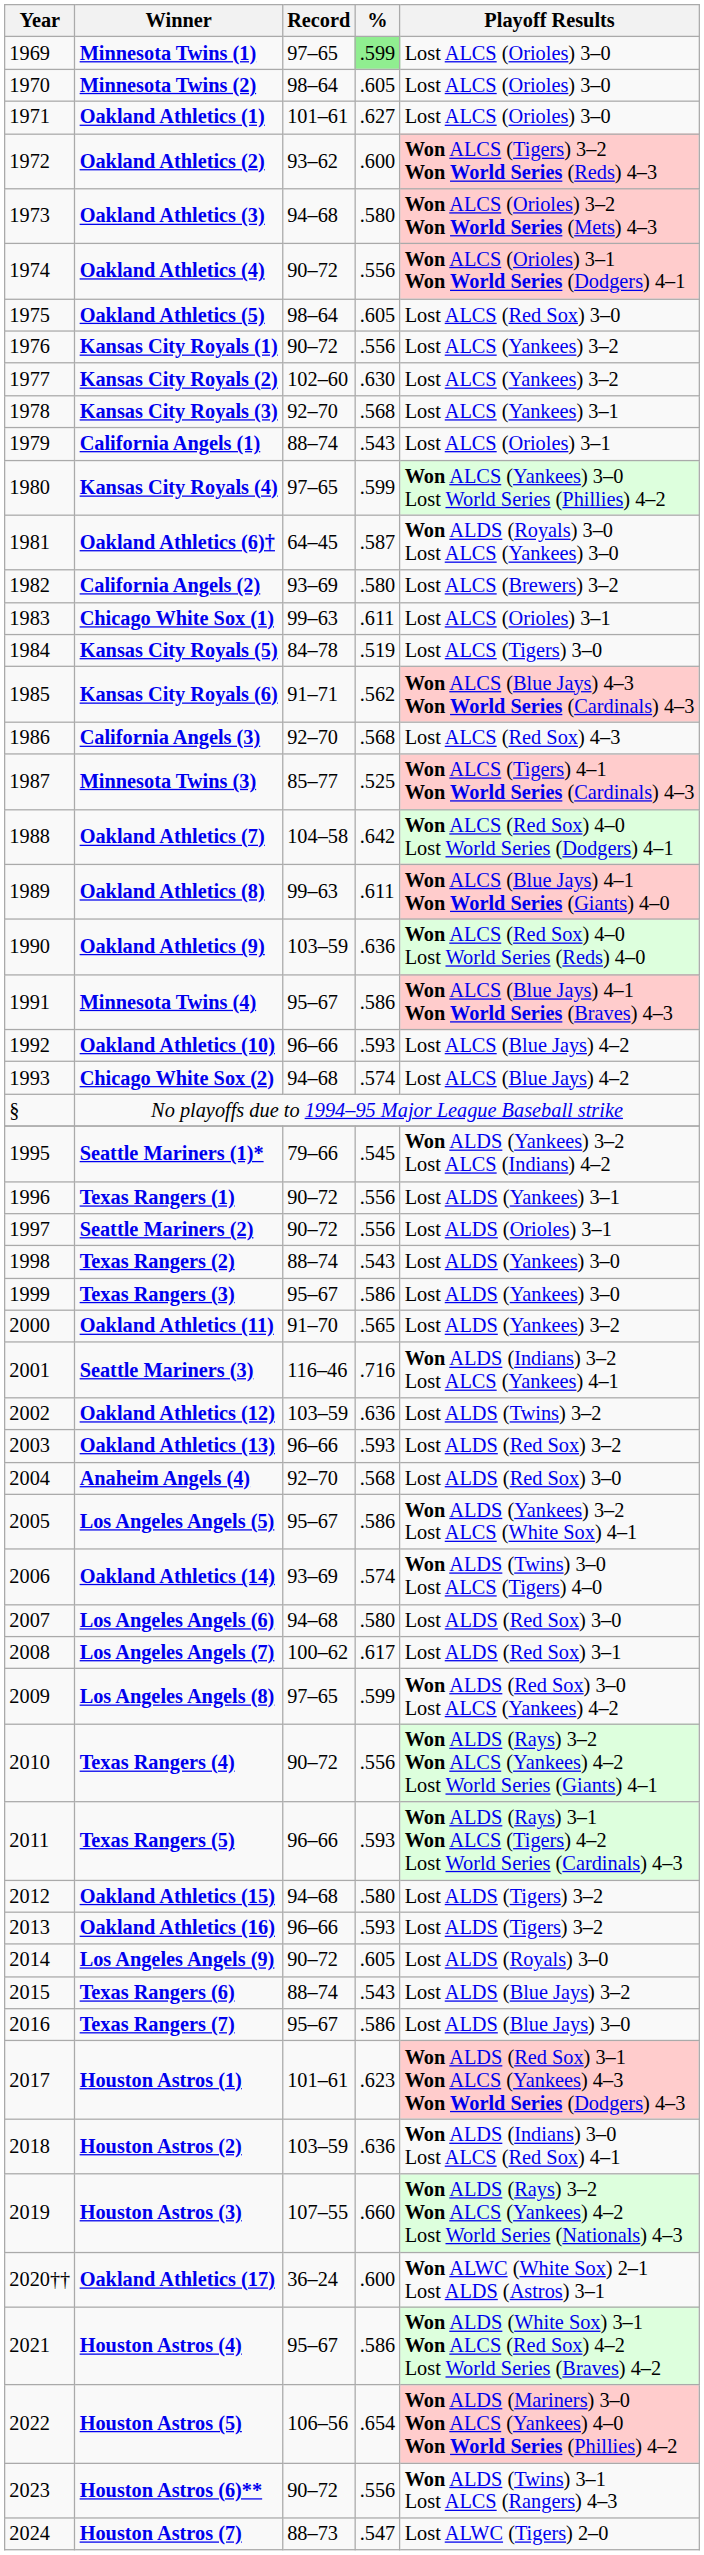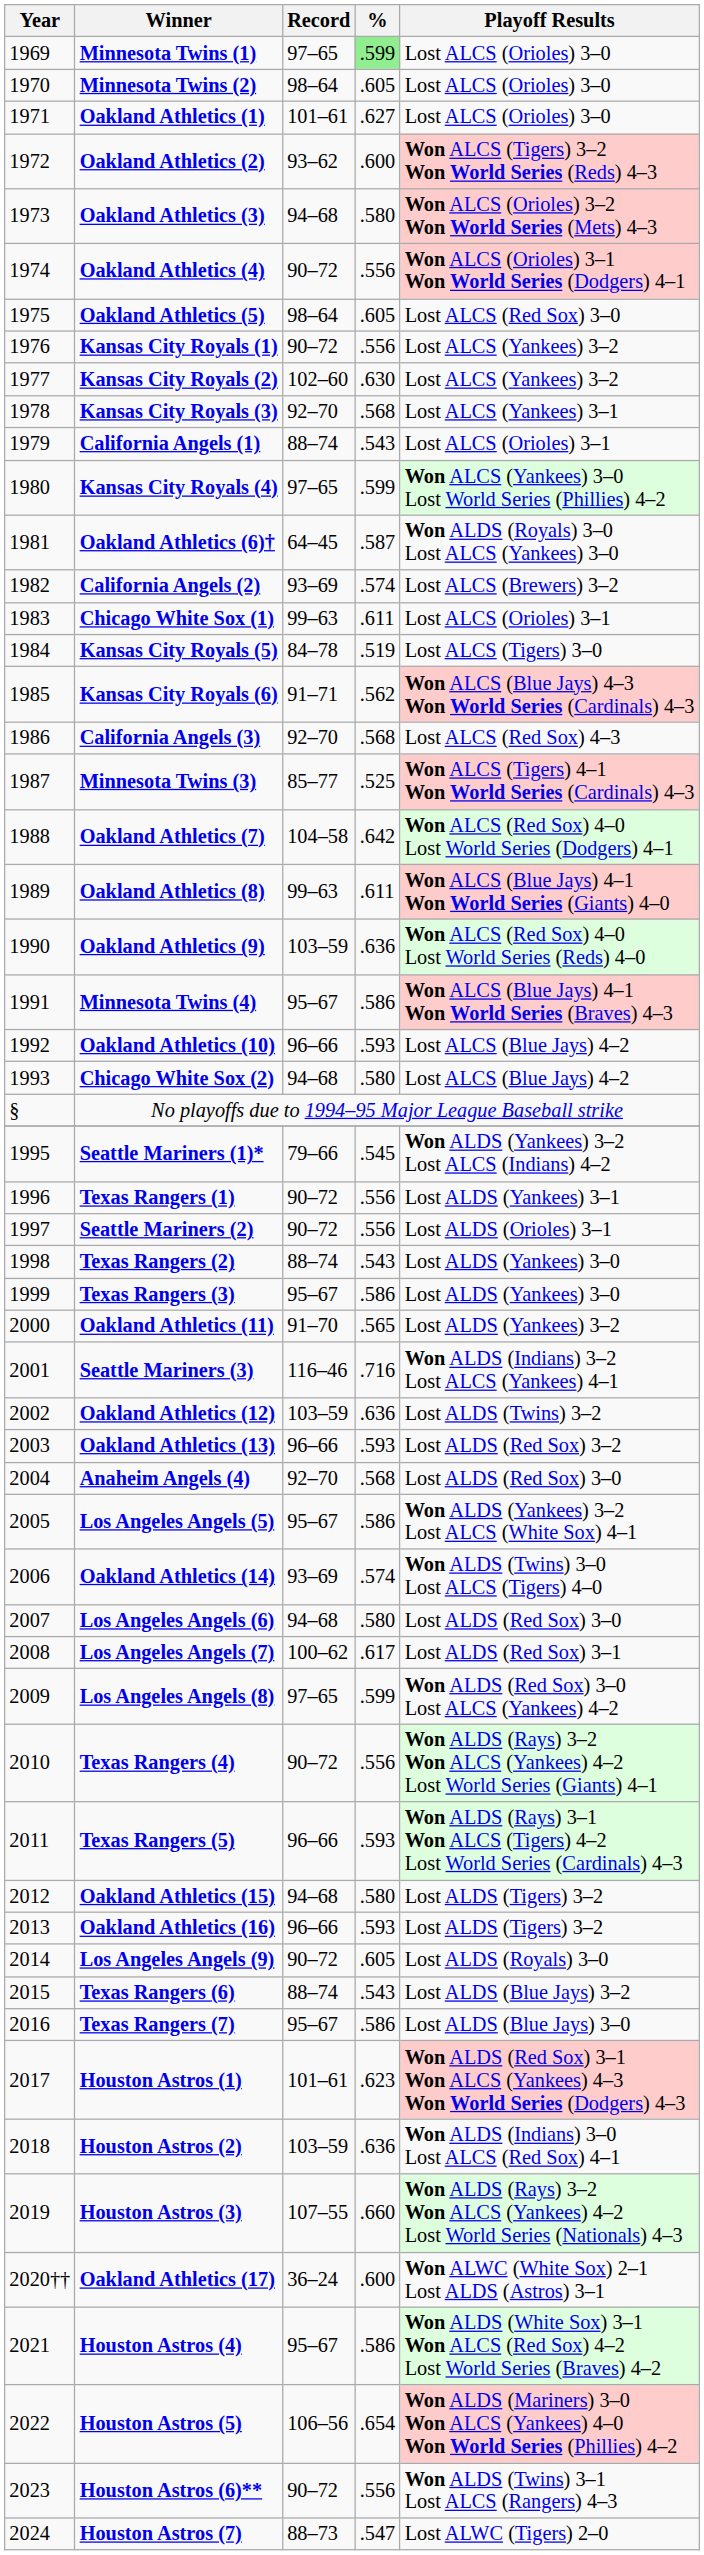 <table class="wikitable sortable">
 <tr>
 <th>Year</th>
 <th>Winner</th>
 <th>Record</th>
 <th>%</th>
 <th>Playoff Results</th>
 </tr>
 <tr>
 <td>1969</td>
 <td><strong><a href='#'><span>Minnesota Twins (1)</span></a></strong></td>
 <td>97–65</td>
 <td style="background: lightgreen;">.599</td>
 <td>Lost <a href='#'>ALCS</a> (<a href='#'>Orioles</a>) 3–0</td>
 </tr>
 <tr>
 <td>1970</td>
 <td><strong><a href='#'><span>Minnesota Twins (2)</span></a></strong></td>
 <td>98–64</td>
 <td>.605</td>
 <td>Lost <a href='#'>ALCS</a> (<a href='#'>Orioles</a>) 3–0</td>
 </tr>
 <tr>
 <td>1971</td>
 <td><strong><a href='#'><span>Oakland Athletics (1)</span></a></strong></td>
 <td>101–61</td>
 <td>.627</td>
 <td>Lost <a href='#'>ALCS</a> (<a href='#'>Orioles</a>) 3–0</td>
 </tr>
 <tr>
 <td>1972</td>
 <td><strong><a href='#'><span>Oakland Athletics (2)</span></a></strong></td>
 <td>93–62</td>
 <td>.600</td>
 <td bgcolor="#ffcccc"><strong>Won</strong> <a href='#'>ALCS</a> (<a href='#'>Tigers</a>) 3–2<br><strong>Won <a href='#'>World Series</a></strong> (<a href='#'>Reds</a>) 4–3</td>
 </tr>
 <tr>
 <td>1973</td>
 <td><strong><a href='#'><span>Oakland Athletics (3)</span></a></strong></td>
 <td>94–68</td>
 <td>.580</td>
 <td bgcolor="#ffcccc"><strong>Won</strong> <a href='#'>ALCS</a> (<a href='#'>Orioles</a>) 3–2<br><strong>Won <a href='#'>World Series</a></strong> (<a href='#'>Mets</a>) 4–3</td>
 </tr>
 <tr>
 <td>1974</td>
 <td><strong><a href='#'><span>Oakland Athletics (4)</span></a></strong></td>
 <td>90–72</td>
 <td>.556</td>
 <td bgcolor="#ffcccc"><strong>Won</strong> <a href='#'>ALCS</a> (<a href='#'>Orioles</a>) 3–1<br><strong>Won <a href='#'>World Series</a></strong> (<a href='#'>Dodgers</a>) 4–1</td>
 </tr>
 <tr>
 <td>1975</td>
 <td><strong><a href='#'><span>Oakland Athletics (5)</span></a></strong></td>
 <td>98–64</td>
 <td>.605</td>
 <td>Lost <a href='#'>ALCS</a> (<a href='#'>Red Sox</a>) 3–0</td>
 </tr>
 <tr>
 <td>1976</td>
 <td><strong><a href='#'><span>Kansas City Royals (1)</span></a></strong></td>
 <td>90–72</td>
 <td>.556</td>
 <td>Lost <a href='#'>ALCS</a> (<a href='#'>Yankees</a>) 3–2</td>
 </tr>
 <tr>
 <td>1977</td>
 <td><strong><a href='#'><span>Kansas City Royals (2)</span></a></strong></td>
 <td>102–60</td>
 <td>.630</td>
 <td>Lost <a href='#'>ALCS</a> (<a href='#'>Yankees</a>) 3–2</td>
 </tr>
 <tr>
 <td>1978</td>
 <td><strong><a href='#'><span>Kansas City Royals (3)</span></a></strong></td>
 <td>92–70</td>
 <td>.568</td>
 <td>Lost <a href='#'>ALCS</a> (<a href='#'>Yankees</a>) 3–1</td>
 </tr>
 <tr>
 <td>1979</td>
 <td><strong><a href='#'><span>California Angels (1)</span></a></strong></td>
 <td>88–74</td>
 <td>.543</td>
 <td>Lost <a href='#'>ALCS</a> (<a href='#'>Orioles</a>) 3–1</td>
 </tr>
 <tr>
 <td>1980</td>
 <td><strong><a href='#'><span>Kansas City Royals (4)</span></a></strong></td>
 <td>97–65</td>
 <td>.599</td>
 <td bgcolor="#ddffdd"><strong>Won</strong> <a href='#'>ALCS</a> (<a href='#'>Yankees</a>) 3–0<br>Lost <a href='#'>World Series</a> (<a href='#'>Phillies</a>) 4–2</td>
 </tr>
 <tr>
 <td>1981</td>
 <td><strong><a href='#'><span>Oakland Athletics (6)†</span></a></strong></td>
 <td>64–45</td>
 <td>.587</td>
 <td><strong>Won</strong> <a href='#'>ALDS</a> (<a href='#'>Royals</a>) 3–0<br>Lost <a href='#'>ALCS</a> (<a href='#'>Yankees</a>) 3–0</td>
 </tr>
 <tr>
 <td>1982</td>
 <td><strong><a href='#'><span>California Angels (2)</span></a></strong></td>
 <td>93–69</td>
-<td>.580</td>
+<td>.574</td>
 <td>Lost <a href='#'>ALCS</a> (<a href='#'>Brewers</a>) 3–2</td>
 </tr>
 <tr>
 <td>1983</td>
 <td><strong><a href='#'><span>Chicago White Sox (1)</span></a></strong></td>
 <td>99–63</td>
 <td>.611</td>
 <td>Lost <a href='#'>ALCS</a> (<a href='#'>Orioles</a>) 3–1</td>
 </tr>
 <tr>
 <td>1984</td>
 <td><strong><a href='#'><span>Kansas City Royals (5)</span></a></strong></td>
 <td>84–78</td>
 <td>.519</td>
 <td>Lost <a href='#'>ALCS</a> (<a href='#'>Tigers</a>) 3–0</td>
 </tr>
 <tr>
 <td>1985</td>
 <td><strong><a href='#'><span>Kansas City Royals (6)</span></a></strong></td>
 <td>91–71</td>
 <td>.562</td>
 <td bgcolor="#ffcccc"><strong>Won</strong> <a href='#'>ALCS</a> (<a href='#'>Blue Jays</a>) 4–3<br><strong>Won <a href='#'>World Series</a></strong> (<a href='#'>Cardinals</a>) 4–3</td>
 </tr>
 <tr>
 <td>1986</td>
 <td><strong><a href='#'><span>California Angels (3)</span></a></strong></td>
 <td>92–70</td>
 <td>.568</td>
 <td>Lost <a href='#'>ALCS</a> (<a href='#'>Red Sox</a>) 4–3</td>
 </tr>
 <tr>
 <td>1987</td>
 <td><strong><a href='#'><span>Minnesota Twins (3)</span></a></strong></td>
 <td>85–77</td>
 <td>.525</td>
 <td bgcolor="#ffcccc"><strong>Won</strong> <a href='#'>ALCS</a> (<a href='#'>Tigers</a>) 4–1<br><strong>Won <a href='#'>World Series</a></strong> (<a href='#'>Cardinals</a>) 4–3</td>
 </tr>
 <tr>
 <td>1988</td>
 <td><strong><a href='#'><span>Oakland Athletics (7)</span></a></strong></td>
 <td>104–58</td>
 <td>.642</td>
 <td bgcolor="#ddffdd"><strong>Won</strong> <a href='#'>ALCS</a> (<a href='#'>Red Sox</a>) 4–0<br>Lost <a href='#'>World Series</a> (<a href='#'>Dodgers</a>) 4–1</td>
 </tr>
 <tr>
 <td>1989</td>
 <td><strong><a href='#'><span>Oakland Athletics (8)</span></a></strong></td>
 <td>99–63</td>
 <td>.611</td>
 <td bgcolor="#ffcccc"><strong>Won</strong> <a href='#'>ALCS</a> (<a href='#'>Blue Jays</a>) 4–1<br><strong>Won <a href='#'>World Series</a></strong> (<a href='#'>Giants</a>) 4–0</td>
 </tr>
 <tr>
 <td>1990</td>
 <td><strong><a href='#'><span>Oakland Athletics (9)</span></a></strong></td>
 <td>103–59</td>
 <td>.636</td>
 <td bgcolor="#ddffdd"><strong>Won</strong> <a href='#'>ALCS</a> (<a href='#'>Red Sox</a>) 4–0<br>Lost <a href='#'>World Series</a> (<a href='#'>Reds</a>) 4–0</td>
 </tr>
 <tr>
 <td>1991</td>
 <td><strong><a href='#'><span>Minnesota Twins (4)</span></a></strong></td>
 <td>95–67</td>
 <td>.586</td>
 <td bgcolor="#ffcccc"><strong>Won</strong> <a href='#'>ALCS</a> (<a href='#'>Blue Jays</a>) 4–1<br><strong>Won <a href='#'>World Series</a></strong> (<a href='#'>Braves</a>) 4–3</td>
 </tr>
 <tr>
 <td>1992</td>
 <td><strong><a href='#'><span>Oakland Athletics (10)</span></a></strong></td>
 <td>96–66</td>
 <td>.593</td>
 <td>Lost <a href='#'>ALCS</a> (<a href='#'>Blue Jays</a>) 4–2</td>
 </tr>
 <tr>
 <td>1993</td>
 <td><strong><a href='#'><span>Chicago White Sox (2)</span></a></strong></td>
 <td>94–68</td>
-<td>.574</td>
+<td>.580</td>
 <td>Lost <a href='#'>ALCS</a> (<a href='#'>Blue Jays</a>) 4–2</td>
 </tr>
 <tr>
 <td>§</td>
 <td colspan="4" align="center"><em>No playoffs due to <a href='#'>1994–95 Major League Baseball strike</a></em></td>
 </tr>
 <tr>
 </tr>
 <tr>
 <td>1995</td>
 <td><strong><a href='#'><span>Seattle Mariners (1)*</span></a></strong></td>
 <td>79–66</td>
 <td>.545</td>
 <td><strong>Won</strong> <a href='#'>ALDS</a> (<a href='#'>Yankees</a>) 3–2<br>Lost <a href='#'>ALCS</a> (<a href='#'>Indians</a>) 4–2</td>
 </tr>
 <tr>
 <td>1996</td>
 <td><strong><a href='#'><span>Texas Rangers (1)</span></a></strong></td>
 <td>90–72</td>
 <td>.556</td>
 <td>Lost <a href='#'>ALDS</a> (<a href='#'>Yankees</a>) 3–1</td>
 </tr>
 <tr>
 <td>1997</td>
 <td><strong><a href='#'><span>Seattle Mariners (2)</span></a></strong></td>
 <td>90–72</td>
 <td>.556</td>
 <td>Lost <a href='#'>ALDS</a> (<a href='#'>Orioles</a>) 3–1</td>
 </tr>
 <tr>
 <td>1998</td>
 <td><strong><a href='#'><span>Texas Rangers (2)</span></a></strong></td>
 <td>88–74</td>
 <td>.543</td>
 <td>Lost <a href='#'>ALDS</a> (<a href='#'>Yankees</a>) 3–0</td>
 </tr>
 <tr>
 <td>1999</td>
 <td><strong><a href='#'><span>Texas Rangers (3)</span></a></strong></td>
 <td>95–67</td>
 <td>.586</td>
 <td>Lost <a href='#'>ALDS</a> (<a href='#'>Yankees</a>) 3–0</td>
 </tr>
 <tr>
 <td>2000</td>
 <td><strong><a href='#'><span>Oakland Athletics (11)</span></a></strong></td>
 <td>91–70</td>
 <td>.565</td>
 <td>Lost <a href='#'>ALDS</a> (<a href='#'>Yankees</a>) 3–2</td>
 </tr>
 <tr>
 <td>2001</td>
 <td><strong><a href='#'><span>Seattle Mariners (3)</span></a></strong></td>
 <td>116–46</td>
 <td>.716</td>
 <td><strong>Won</strong> <a href='#'>ALDS</a> (<a href='#'>Indians</a>) 3–2<br>Lost <a href='#'>ALCS</a> (<a href='#'>Yankees</a>) 4–1</td>
 </tr>
 <tr>
 <td>2002</td>
 <td><strong><a href='#'><span>Oakland Athletics (12)</span></a></strong></td>
 <td>103–59</td>
 <td>.636</td>
 <td>Lost <a href='#'>ALDS</a> (<a href='#'>Twins</a>) 3–2</td>
 </tr>
 <tr>
 <td>2003</td>
 <td><strong><a href='#'><span>Oakland Athletics (13)</span></a></strong></td>
 <td>96–66</td>
 <td>.593</td>
 <td>Lost <a href='#'>ALDS</a> (<a href='#'>Red Sox</a>) 3–2</td>
 </tr>
 <tr>
 <td>2004</td>
 <td><strong><a href='#'><span>Anaheim Angels (4)</span></a></strong></td>
 <td>92–70</td>
 <td>.568</td>
 <td>Lost <a href='#'>ALDS</a> (<a href='#'>Red Sox</a>) 3–0</td>
 </tr>
 <tr>
 <td>2005</td>
 <td><strong><a href='#'><span>Los Angeles Angels (5)</span></a></strong></td>
 <td>95–67</td>
 <td>.586</td>
 <td><strong>Won</strong> <a href='#'>ALDS</a> (<a href='#'>Yankees</a>) 3–2<br>Lost <a href='#'>ALCS</a> (<a href='#'>White Sox</a>) 4–1</td>
 </tr>
 <tr>
 <td>2006</td>
 <td><strong><a href='#'><span>Oakland Athletics (14)</span></a></strong></td>
 <td>93–69</td>
 <td>.574</td>
 <td><strong>Won</strong> <a href='#'>ALDS</a> (<a href='#'>Twins</a>) 3–0<br>Lost <a href='#'>ALCS</a> (<a href='#'>Tigers</a>) 4–0</td>
 </tr>
 <tr>
 <td>2007</td>
 <td><strong><a href='#'><span>Los Angeles Angels (6)</span></a></strong></td>
 <td>94–68</td>
 <td>.580</td>
 <td>Lost <a href='#'>ALDS</a> (<a href='#'>Red Sox</a>) 3–0</td>
 </tr>
 <tr>
 <td>2008</td>
 <td><strong><a href='#'><span>Los Angeles Angels (7)</span></a></strong></td>
 <td>100–62</td>
 <td>.617</td>
 <td>Lost <a href='#'>ALDS</a> (<a href='#'>Red Sox</a>) 3–1</td>
 </tr>
 <tr>
 <td>2009</td>
 <td><strong><a href='#'><span>Los Angeles Angels (8)</span></a></strong></td>
 <td>97–65</td>
 <td>.599</td>
 <td><strong>Won</strong> <a href='#'>ALDS</a> (<a href='#'>Red Sox</a>) 3–0<br>Lost <a href='#'>ALCS</a> (<a href='#'>Yankees</a>) 4–2</td>
 </tr>
 <tr>
 <td>2010</td>
 <td><strong><a href='#'><span>Texas Rangers (4)</span></a></strong></td>
 <td>90–72</td>
 <td>.556</td>
 <td bgcolor="#ddffdd"><strong>Won</strong> <a href='#'>ALDS</a> (<a href='#'>Rays</a>) 3–2<br><strong>Won</strong> <a href='#'>ALCS</a> (<a href='#'>Yankees</a>) 4–2<br>Lost <a href='#'>World Series</a> (<a href='#'>Giants</a>) 4–1</td>
 </tr>
 <tr>
 <td>2011</td>
 <td><strong><a href='#'><span>Texas Rangers (5)</span></a></strong></td>
 <td>96–66</td>
 <td>.593</td>
 <td bgcolor="#ddffdd"><strong>Won</strong> <a href='#'>ALDS</a> (<a href='#'>Rays</a>) 3–1<br><strong>Won</strong> <a href='#'>ALCS</a> (<a href='#'>Tigers</a>) 4–2<br>Lost <a href='#'>World Series</a> (<a href='#'>Cardinals</a>) 4–3</td>
 </tr>
 <tr>
 <td>2012</td>
 <td><strong><a href='#'><span>Oakland Athletics (15)</span></a></strong></td>
 <td>94–68</td>
 <td>.580</td>
 <td>Lost <a href='#'>ALDS</a> (<a href='#'>Tigers</a>) 3–2</td>
 </tr>
 <tr>
 <td>2013</td>
 <td><strong><a href='#'><span>Oakland Athletics (16)</span></a></strong></td>
 <td>96–66</td>
 <td>.593</td>
 <td>Lost <a href='#'>ALDS</a> (<a href='#'>Tigers</a>) 3–2</td>
 </tr>
 <tr>
 <td>2014</td>
 <td><strong><a href='#'><span>Los Angeles Angels (9)</span></a></strong></td>
 <td>90–72</td>
 <td>.605</td>
 <td>Lost <a href='#'>ALDS</a> (<a href='#'>Royals</a>) 3–0</td>
 </tr>
 <tr>
 <td>2015</td>
 <td><strong><a href='#'><span>Texas Rangers (6)</span></a></strong></td>
 <td>88–74</td>
 <td>.543</td>
 <td>Lost <a href='#'>ALDS</a> (<a href='#'>Blue Jays</a>) 3–2</td>
 </tr>
 <tr>
 <td>2016</td>
 <td><strong><a href='#'><span>Texas Rangers (7)</span></a></strong></td>
 <td>95–67</td>
 <td>.586</td>
 <td>Lost <a href='#'>ALDS</a> (<a href='#'>Blue Jays</a>) 3–0</td>
 </tr>
 <tr>
 <td>2017</td>
 <td><strong><a href='#'><span>Houston Astros (1)</span></a></strong></td>
 <td>101–61</td>
 <td>.623</td>
 <td bgcolor="#ffcccc"><strong>Won</strong> <a href='#'>ALDS</a> (<a href='#'>Red Sox</a>) 3–1<br><strong>Won</strong> <a href='#'>ALCS</a> (<a href='#'>Yankees</a>) 4–3<br><strong>Won <a href='#'>World Series</a></strong> (<a href='#'>Dodgers</a>) 4–3</td>
 </tr>
 <tr>
 <td>2018</td>
 <td><strong><a href='#'><span>Houston Astros (2)</span></a></strong></td>
 <td>103–59</td>
 <td>.636</td>
 <td><strong>Won</strong> <a href='#'>ALDS</a> (<a href='#'>Indians</a>) 3–0<br>Lost <a href='#'>ALCS</a> (<a href='#'>Red Sox</a>) 4–1</td>
 </tr>
 <tr>
 <td>2019</td>
 <td><strong><a href='#'><span>Houston Astros (3)</span></a></strong></td>
 <td>107–55</td>
 <td>.660</td>
 <td bgcolor="#ddffdd"><strong>Won</strong> <a href='#'>ALDS</a> (<a href='#'>Rays</a>) 3–2<br><strong>Won</strong> <a href='#'>ALCS</a> (<a href='#'>Yankees</a>) 4–2<br>Lost <a href='#'>World Series</a> (<a href='#'>Nationals</a>) 4–3</td>
 </tr>
 <tr>
 <td>2020††</td>
 <td><strong><a href='#'><span>Oakland Athletics (17)</span></a></strong></td>
 <td>36–24</td>
 <td>.600</td>
 <td><strong>Won</strong> <a href='#'>ALWC</a> (<a href='#'>White Sox</a>) 2–1<br>Lost <a href='#'>ALDS</a> (<a href='#'>Astros</a>) 3–1</td>
 </tr>
 <tr>
 <td>2021</td>
 <td><strong><a href='#'><span>Houston Astros (4)</span></a></strong></td>
 <td>95–67</td>
 <td>.586</td>
 <td bgcolor="#ddffdd"><strong>Won</strong> <a href='#'>ALDS</a>  (<a href='#'>White Sox</a>) 3–1<br><strong>Won</strong> <a href='#'>ALCS</a> (<a href='#'>Red Sox</a>) 4–2<br>Lost <a href='#'>World Series</a> (<a href='#'>Braves</a>) 4–2</td>
 </tr>
 <tr>
 <td>2022</td>
 <td><strong><a href='#'><span>Houston Astros (5)</span></a></strong></td>
 <td>106–56</td>
 <td>.654</td>
 <td bgcolor="#ffcccc"><strong>Won</strong> <a href='#'>ALDS</a>  (<a href='#'>Mariners</a>) 3–0<br> <strong>Won</strong> <a href='#'>ALCS</a> (<a href='#'>Yankees</a>) 4–0<br><strong>Won <a href='#'>World Series</a></strong> (<a href='#'>Phillies</a>) 4–2</td>
 </tr>
 <tr>
 <td>2023</td>
 <td><strong><a href='#'><span>Houston Astros (6)**</span></a></strong></td>
 <td>90–72</td>
 <td>.556</td>
 <td><strong>Won</strong> <a href='#'>ALDS</a>  (<a href='#'>Twins</a>) 3–1<br>Lost <a href='#'>ALCS</a> (<a href='#'>Rangers</a>) 4–3</td>
 </tr>
 <tr>
 <td>2024</td>
 <td><strong><a href='#'><span>Houston Astros (7)</span></a></strong></td>
 <td>88–73</td>
 <td>.547</td>
 <td>Lost <a href='#'>ALWC</a> (<a href='#'>Tigers</a>) 2–0</td>
 </tr>
 </table>
